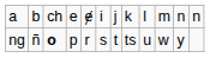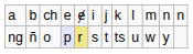 <table class="wikitable">
 <tr>
 <td>a</td>
 <td>b</td>
 <td>ch</td>
 <td>e</td>
 <td>ɇ</td>
 <td>i</td>
 <td>j</td>
 <td>k</td>
 <td>l</td>
 <td>m</td>
 <td>n</td>
 <td>n</td>
 </tr>
 <tr>
 <td>ng</td>
 <td>ñ</td>
-<td><strong>o</strong></td>
-<td>p</td>
-<td>r</td>
+<td>o</td>
+<td style="background: lavender;">p</td>
+<td style="background: khaki;">r</td>
 <td>s</td>
 <td>t</td>
 <td>ts</td>
 <td>u</td>
 <td>w</td>
 <td>y</td>
 <td></td>
 </tr>
 </table>
